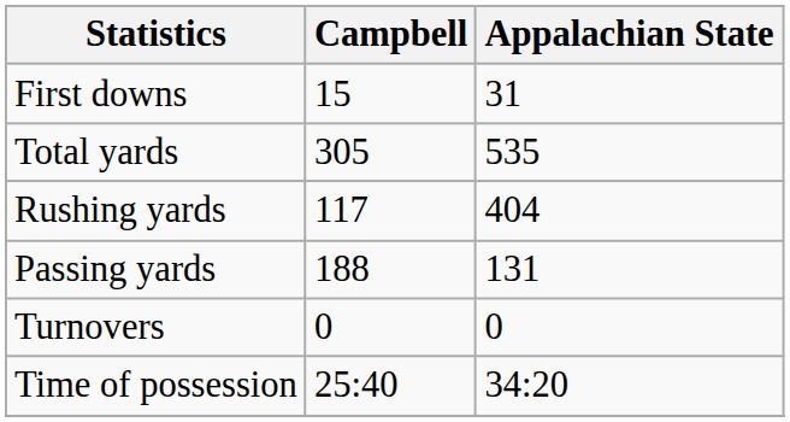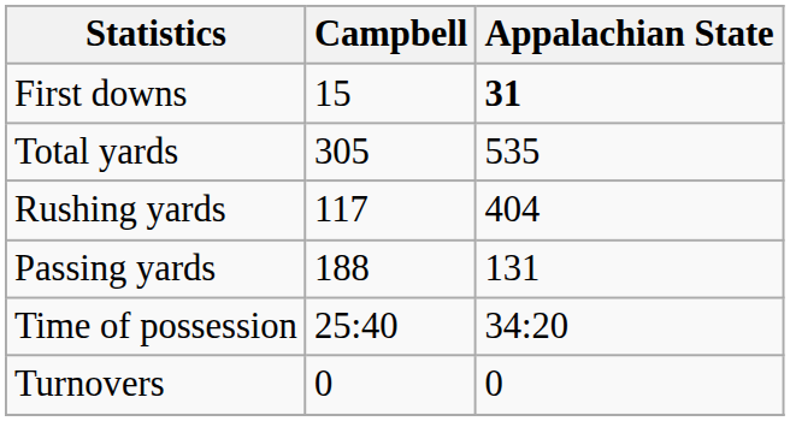 <table class="wikitable">
 <tr>
 <th>Statistics</th>
 <th>Campbell</th>
 <th>Appalachian State</th>
 </tr>
 <tr>
 <td>First downs</td>
 <td>15</td>
-<td>31</td>
+<td><strong>31</strong></td>
 </tr>
 <tr>
 <td>Total yards</td>
 <td>305</td>
 <td>535</td>
 </tr>
 <tr>
 <td>Rushing yards</td>
 <td>117</td>
 <td>404</td>
 </tr>
 <tr>
 <td>Passing yards</td>
 <td>188</td>
 <td>131</td>
 </tr>
 <tr>
+<td>Time of possession</td>
+<td>25:40</td>
+<td>34:20</td>
+</tr>
+<tr>
 <td>Turnovers</td>
 <td>0</td>
 <td>0</td>
 </tr>
 <tr>
-<td>Time of possession</td>
-<td>25:40</td>
-<td>34:20</td>
-</tr>
-<tr>
 </tr>
 </table>
